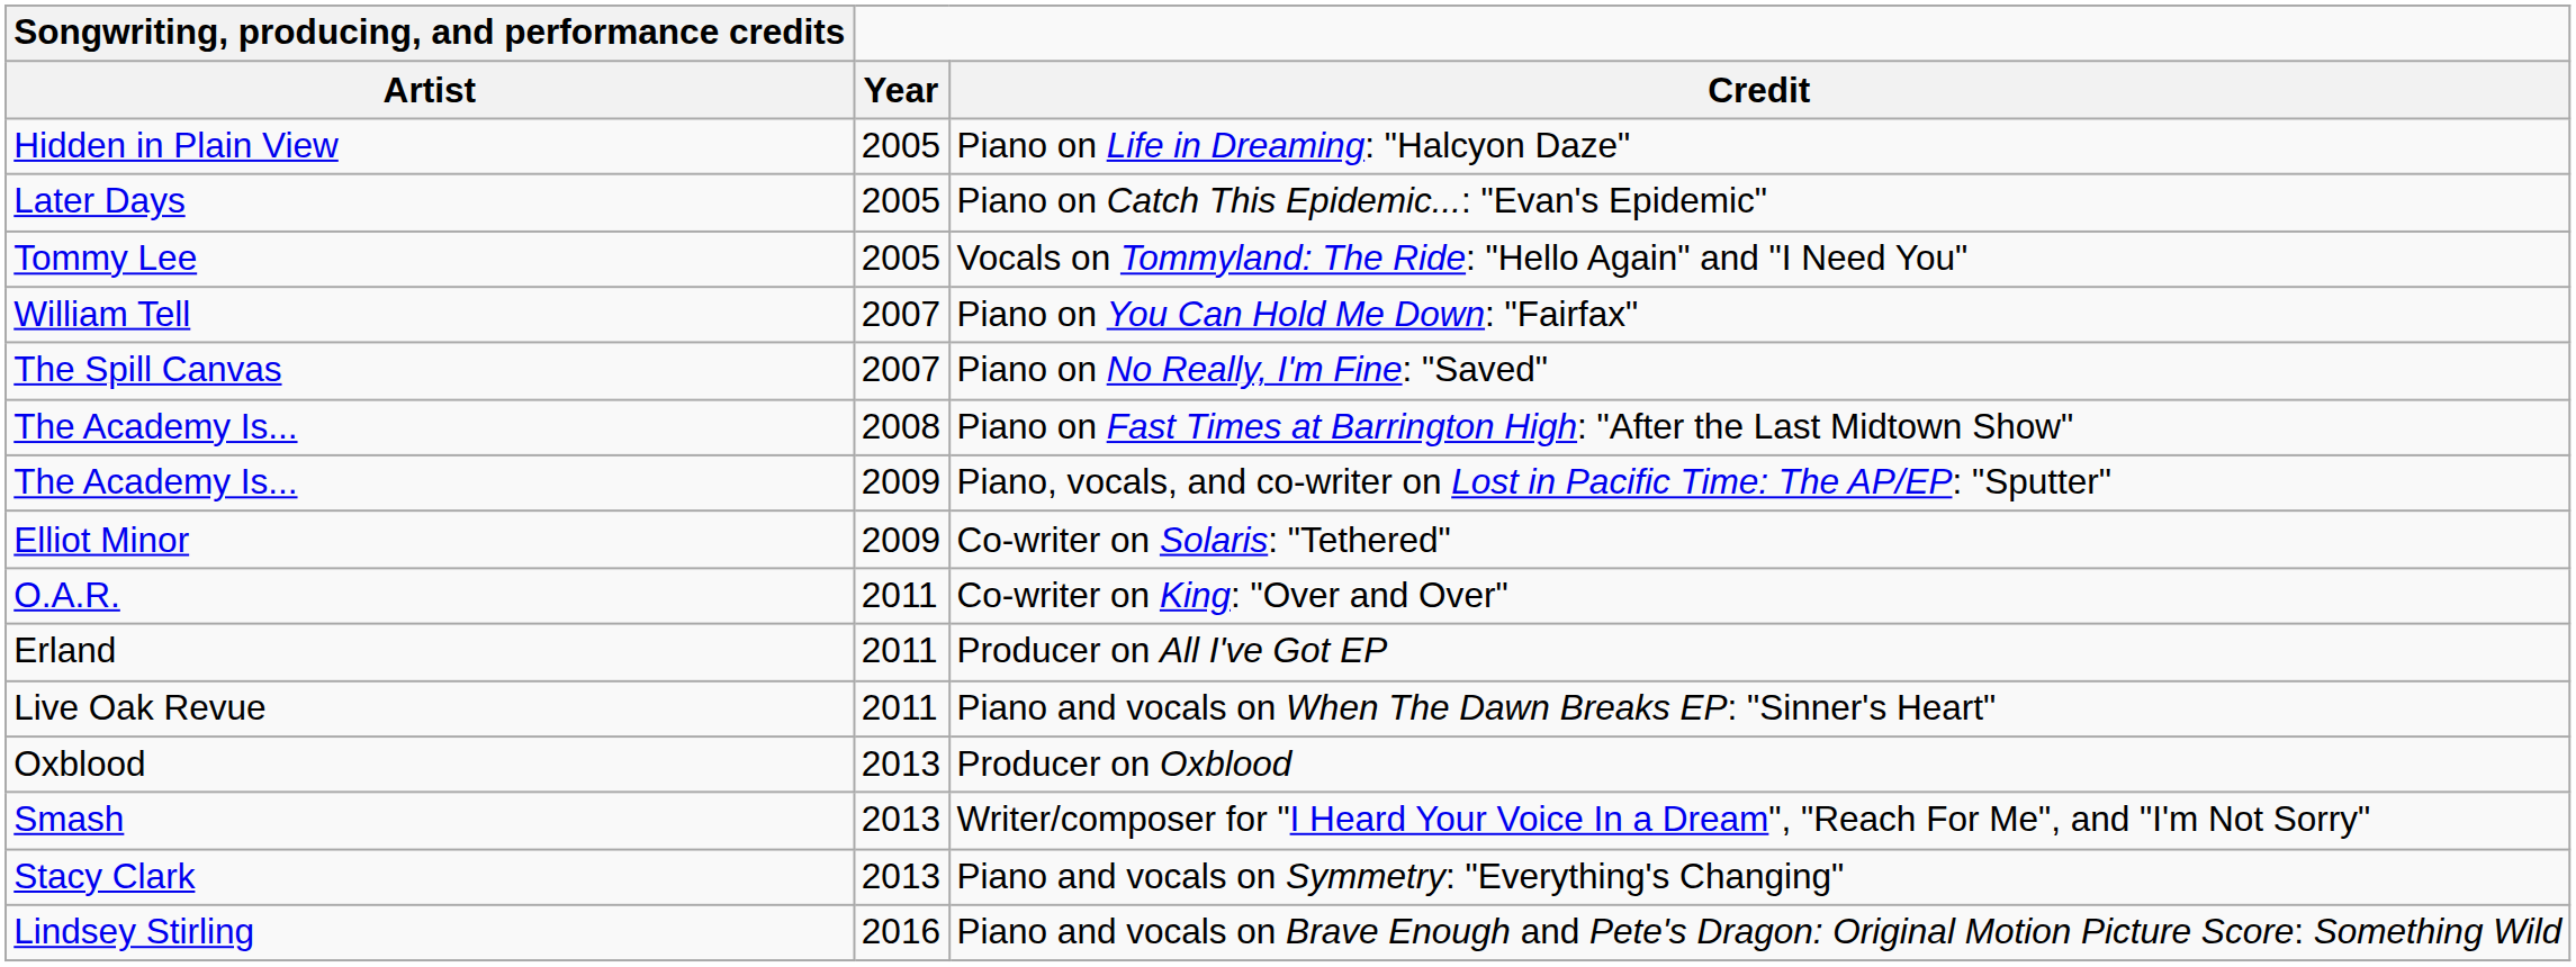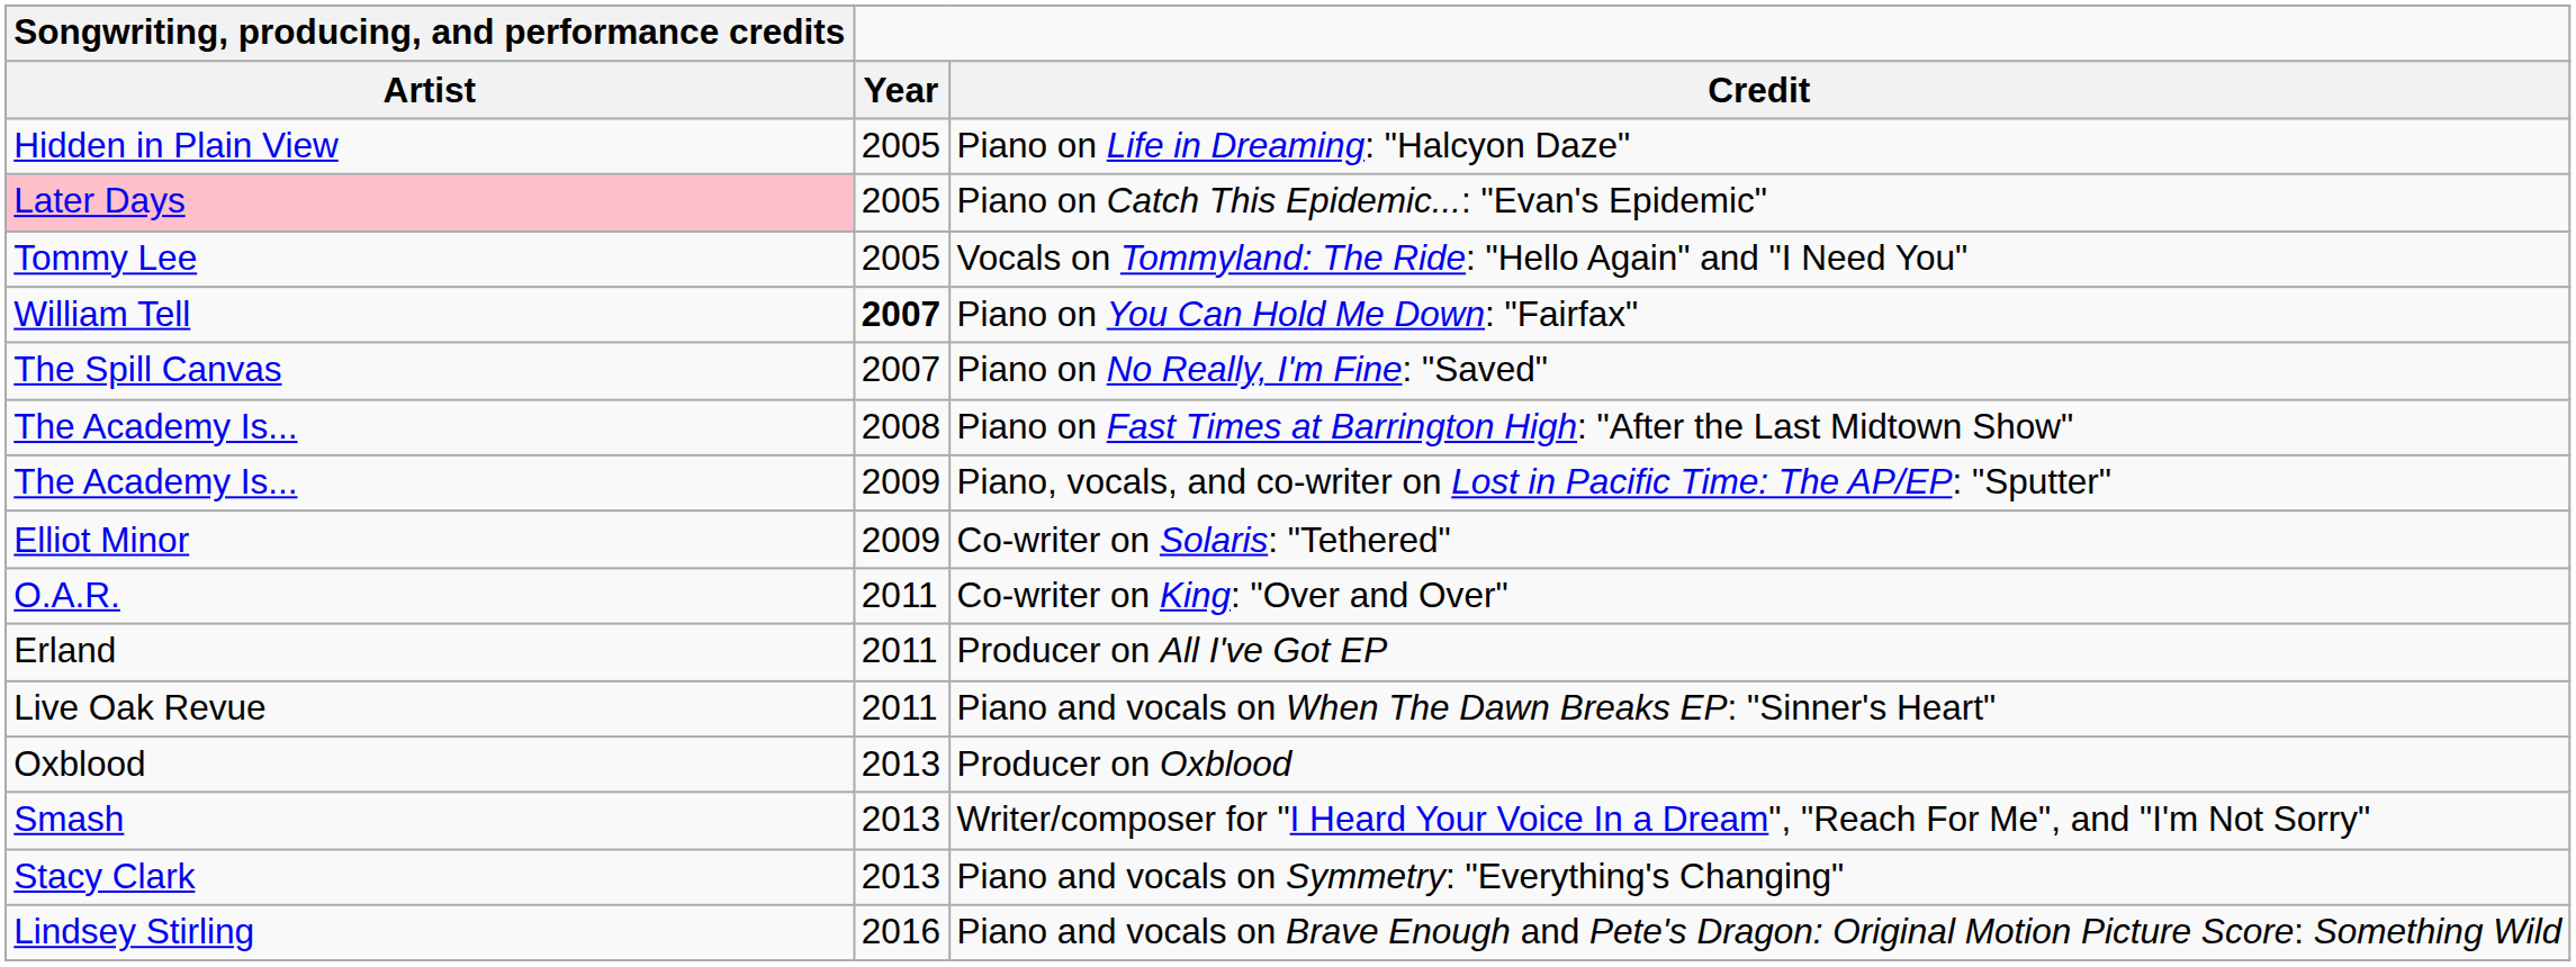 <table class="wikitable collapsible collapsed">
 <tr>
 <th>Songwriting, producing, and performance credits</th>
 </tr>
 <tr style="vertical-align:bottom;">
 <th>Artist</th>
 <th>Year</th>
 <th>Credit</th>
 </tr>
 <tr>
 <td><a href='#'>Hidden in Plain View</a></td>
 <td>2005</td>
 <td>Piano on <em><a href='#'>Life in Dreaming</a></em>: "Halcyon Daze"</td>
 </tr>
 <tr>
-<td><a href='#'>Later Days</a></td>
+<td style="background: pink;"><a href='#'>Later Days</a></td>
 <td>2005</td>
 <td>Piano on <em>Catch This Epidemic...</em>: "Evan's Epidemic"</td>
 </tr>
 <tr>
 <td><a href='#'>Tommy Lee</a></td>
 <td>2005</td>
 <td>Vocals on <em><a href='#'>Tommyland: The Ride</a></em>: "Hello Again" and "I Need You"</td>
 </tr>
 <tr>
 <td><a href='#'>William Tell</a></td>
-<td>2007</td>
+<td><strong>2007</strong></td>
 <td>Piano on <em><a href='#'>You Can Hold Me Down</a></em>: "Fairfax"</td>
 </tr>
 <tr>
 <td><a href='#'>The Spill Canvas</a></td>
 <td>2007</td>
 <td>Piano on <em><a href='#'>No Really, I'm Fine</a></em>: "Saved"</td>
 </tr>
 <tr>
 <td><a href='#'>The Academy Is...</a></td>
 <td>2008</td>
 <td>Piano on <em><a href='#'>Fast Times at Barrington High</a></em>: "After the Last Midtown Show"</td>
 </tr>
 <tr>
 <td><a href='#'>The Academy Is...</a></td>
 <td>2009</td>
 <td>Piano, vocals, and co-writer on <em><a href='#'>Lost in Pacific Time: The AP/EP</a></em>: "Sputter"</td>
 </tr>
 <tr>
 <td><a href='#'>Elliot Minor</a></td>
 <td>2009</td>
 <td>Co-writer on <em><a href='#'>Solaris</a></em>: "Tethered"</td>
 </tr>
 <tr>
 <td><a href='#'>O.A.R.</a></td>
 <td>2011</td>
 <td>Co-writer on <em><a href='#'>King</a></em>: "Over and Over"</td>
 </tr>
 <tr>
 <td>Erland</td>
 <td>2011</td>
 <td>Producer on <em>All I've Got EP</em></td>
 </tr>
 <tr>
 <td>Live Oak Revue</td>
 <td>2011</td>
 <td>Piano and vocals on <em>When The Dawn Breaks EP</em>: "Sinner's Heart"</td>
 </tr>
 <tr>
 <td>Oxblood</td>
 <td>2013</td>
 <td>Producer on <em>Oxblood</em></td>
 </tr>
 <tr>
 <td><a href='#'>Smash</a></td>
 <td>2013</td>
 <td>Writer/composer for "<a href='#'>I Heard Your Voice In a Dream</a>", "Reach For Me", and "I'm Not Sorry"</td>
 </tr>
 <tr>
 <td><a href='#'>Stacy Clark</a></td>
 <td>2013</td>
 <td>Piano and vocals on <em>Symmetry</em>: "Everything's Changing"</td>
 </tr>
 <tr>
 <td><a href='#'>Lindsey Stirling</a></td>
 <td>2016</td>
 <td>Piano and vocals on <em>Brave Enough</em> and <em>Pete's Dragon: Original Motion Picture Score</em>: <em>Something Wild</em></td>
 </tr>
 </table>
